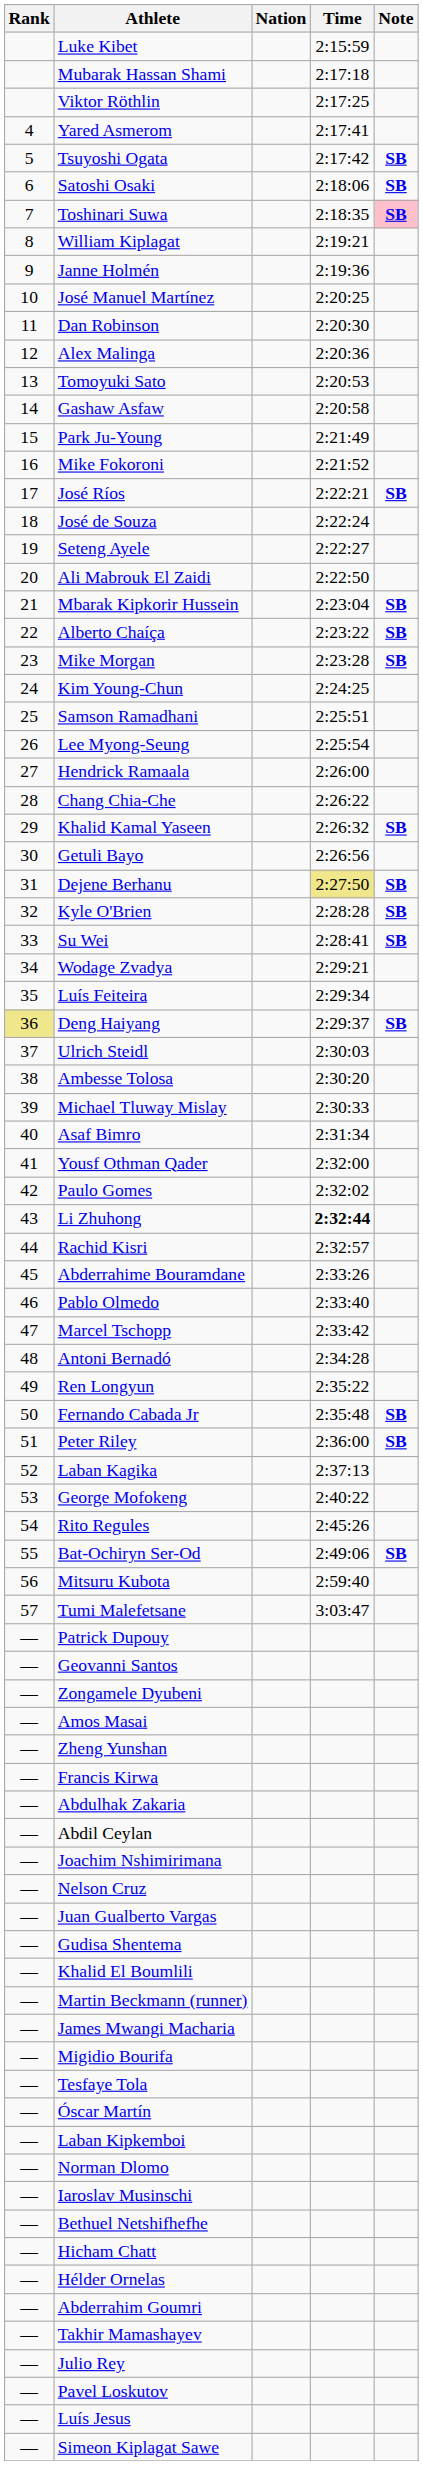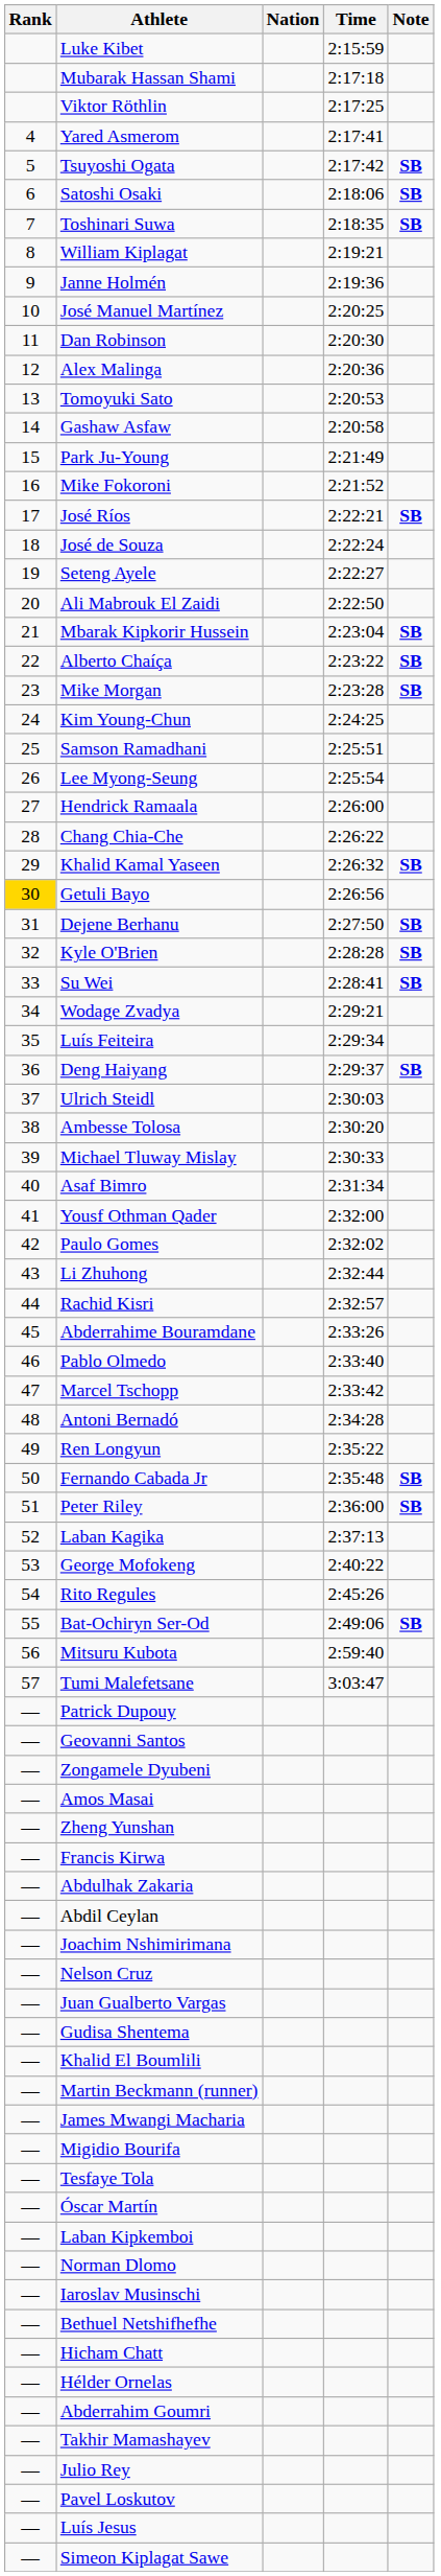 <table class="wikitable sortable" style=" text-align:center;">
 <tr>
 <th>Rank</th>
 <th>Athlete</th>
 <th>Nation</th>
 <th>Time</th>
 <th>Note</th>
 </tr>
 <tr>
 <td></td>
 <td align=left><a href='#'>Luke Kibet</a></td>
 <td align=left></td>
 <td>2:15:59</td>
 <td></td>
 </tr>
 <tr>
 <td></td>
 <td align=left><a href='#'>Mubarak Hassan Shami</a></td>
 <td align=left></td>
 <td>2:17:18</td>
 <td></td>
 </tr>
 <tr>
 <td></td>
 <td align=left><a href='#'>Viktor Röthlin</a></td>
 <td align=left></td>
 <td>2:17:25</td>
 <td></td>
 </tr>
 <tr>
 <td>4</td>
 <td align=left><a href='#'>Yared Asmerom</a></td>
 <td align=left></td>
 <td>2:17:41</td>
 <td></td>
 </tr>
 <tr>
 <td>5</td>
 <td align=left><a href='#'>Tsuyoshi Ogata</a></td>
 <td align=left></td>
 <td>2:17:42</td>
 <td><strong><a href='#'>SB</a></strong></td>
 </tr>
 <tr>
 <td>6</td>
 <td align=left><a href='#'>Satoshi Osaki</a></td>
 <td align=left></td>
 <td>2:18:06</td>
 <td><strong><a href='#'>SB</a></strong></td>
 </tr>
 <tr>
 <td>7</td>
 <td align=left><a href='#'>Toshinari Suwa</a></td>
 <td align=left></td>
 <td>2:18:35</td>
-<td style="background: pink;"><strong><a href='#'>SB</a></strong></td>
+<td><strong><a href='#'>SB</a></strong></td>
 </tr>
 <tr>
 <td>8</td>
 <td align=left><a href='#'>William Kiplagat</a></td>
 <td align=left></td>
 <td>2:19:21</td>
 <td></td>
 </tr>
 <tr>
 <td>9</td>
 <td align=left><a href='#'>Janne Holmén</a></td>
 <td align=left></td>
 <td>2:19:36</td>
 <td></td>
 </tr>
 <tr>
 <td>10</td>
 <td align=left><a href='#'>José Manuel Martínez</a></td>
 <td align=left></td>
 <td>2:20:25</td>
 <td></td>
 </tr>
 <tr>
 <td>11</td>
 <td align=left><a href='#'>Dan Robinson</a></td>
 <td align=left></td>
 <td>2:20:30</td>
 <td></td>
 </tr>
 <tr>
 <td>12</td>
 <td align=left><a href='#'>Alex Malinga</a></td>
 <td align=left></td>
 <td>2:20:36</td>
 <td></td>
 </tr>
 <tr>
 <td>13</td>
 <td align=left><a href='#'>Tomoyuki Sato</a></td>
 <td align=left></td>
 <td>2:20:53</td>
 <td></td>
 </tr>
 <tr>
 <td>14</td>
 <td align=left><a href='#'>Gashaw Asfaw</a></td>
 <td align=left></td>
 <td>2:20:58</td>
 <td></td>
 </tr>
 <tr>
 <td>15</td>
 <td align=left><a href='#'>Park Ju-Young</a></td>
 <td align=left></td>
 <td>2:21:49</td>
 <td></td>
 </tr>
 <tr>
 <td>16</td>
 <td align=left><a href='#'>Mike Fokoroni</a></td>
 <td align=left></td>
 <td>2:21:52</td>
 <td></td>
 </tr>
 <tr>
 <td>17</td>
 <td align=left><a href='#'>José Ríos</a></td>
 <td align=left></td>
 <td>2:22:21</td>
 <td><strong><a href='#'>SB</a></strong></td>
 </tr>
 <tr>
 <td>18</td>
 <td align=left><a href='#'>José de Souza</a></td>
 <td align=left></td>
 <td>2:22:24</td>
 <td></td>
 </tr>
 <tr>
 <td>19</td>
 <td align=left><a href='#'>Seteng Ayele</a></td>
 <td align=left></td>
 <td>2:22:27</td>
 <td></td>
 </tr>
 <tr>
 <td>20</td>
 <td align=left><a href='#'>Ali Mabrouk El Zaidi</a></td>
 <td align=left></td>
 <td>2:22:50</td>
 <td></td>
 </tr>
 <tr>
 <td>21</td>
 <td align=left><a href='#'>Mbarak Kipkorir Hussein</a></td>
 <td align=left></td>
 <td>2:23:04</td>
 <td><strong><a href='#'>SB</a></strong></td>
 </tr>
 <tr>
 <td>22</td>
 <td align=left><a href='#'>Alberto Chaíça</a></td>
 <td align=left></td>
 <td>2:23:22</td>
 <td><strong><a href='#'>SB</a></strong></td>
 </tr>
 <tr>
 <td>23</td>
 <td align=left><a href='#'>Mike Morgan</a></td>
 <td align=left></td>
 <td>2:23:28</td>
 <td><strong><a href='#'>SB</a></strong></td>
 </tr>
 <tr>
 <td>24</td>
 <td align=left><a href='#'>Kim Young-Chun</a></td>
 <td align=left></td>
 <td>2:24:25</td>
 <td></td>
 </tr>
 <tr>
 <td>25</td>
 <td align=left><a href='#'>Samson Ramadhani</a></td>
 <td align=left></td>
 <td>2:25:51</td>
 <td></td>
 </tr>
 <tr>
 <td>26</td>
 <td align=left><a href='#'>Lee Myong-Seung</a></td>
 <td align=left></td>
 <td>2:25:54</td>
 <td></td>
 </tr>
 <tr>
 <td>27</td>
 <td align=left><a href='#'>Hendrick Ramaala</a></td>
 <td align=left></td>
 <td>2:26:00</td>
 <td></td>
 </tr>
 <tr>
 <td>28</td>
 <td align=left><a href='#'>Chang Chia-Che</a></td>
 <td align=left></td>
 <td>2:26:22</td>
 <td></td>
 </tr>
 <tr>
 <td>29</td>
 <td align=left><a href='#'>Khalid Kamal Yaseen</a></td>
 <td align=left></td>
 <td>2:26:32</td>
 <td><strong><a href='#'>SB</a></strong></td>
 </tr>
 <tr>
-<td>30</td>
+<td style="background: gold;">30</td>
 <td align=left><a href='#'>Getuli Bayo</a></td>
 <td align=left></td>
 <td>2:26:56</td>
 <td></td>
 </tr>
 <tr>
 <td>31</td>
 <td align=left><a href='#'>Dejene Berhanu</a></td>
 <td align=left></td>
-<td style="background: khaki;">2:27:50</td>
+<td>2:27:50</td>
 <td><strong><a href='#'>SB</a></strong></td>
 </tr>
 <tr>
 <td>32</td>
 <td align=left><a href='#'>Kyle O'Brien</a></td>
 <td align=left></td>
 <td>2:28:28</td>
 <td><strong><a href='#'>SB</a></strong></td>
 </tr>
 <tr>
 <td>33</td>
 <td align=left><a href='#'>Su Wei</a></td>
 <td align=left></td>
 <td>2:28:41</td>
 <td><strong><a href='#'>SB</a></strong></td>
 </tr>
 <tr>
 <td>34</td>
 <td align=left><a href='#'>Wodage Zvadya</a></td>
 <td align=left></td>
 <td>2:29:21</td>
 <td></td>
 </tr>
 <tr>
 <td>35</td>
 <td align=left><a href='#'>Luís Feiteira</a></td>
 <td align=left></td>
 <td>2:29:34</td>
 <td></td>
 </tr>
 <tr>
-<td style="background: khaki;">36</td>
+<td>36</td>
 <td align=left><a href='#'>Deng Haiyang</a></td>
 <td align=left></td>
 <td>2:29:37</td>
 <td><strong><a href='#'>SB</a></strong></td>
 </tr>
 <tr>
 <td>37</td>
 <td align=left><a href='#'>Ulrich Steidl</a></td>
 <td align=left></td>
 <td>2:30:03</td>
 <td></td>
 </tr>
 <tr>
 <td>38</td>
 <td align=left><a href='#'>Ambesse Tolosa</a></td>
 <td align=left></td>
 <td>2:30:20</td>
 <td></td>
 </tr>
 <tr>
 <td>39</td>
 <td align=left><a href='#'>Michael Tluway Mislay</a></td>
 <td align=left></td>
 <td>2:30:33</td>
 <td></td>
 </tr>
 <tr>
 <td>40</td>
 <td align=left><a href='#'>Asaf Bimro</a></td>
 <td align=left></td>
 <td>2:31:34</td>
 <td></td>
 </tr>
 <tr>
 <td>41</td>
 <td align=left><a href='#'>Yousf Othman Qader</a></td>
 <td align=left></td>
 <td>2:32:00</td>
 <td></td>
 </tr>
 <tr>
 <td>42</td>
 <td align=left><a href='#'>Paulo Gomes</a></td>
 <td align=left></td>
 <td>2:32:02</td>
 <td></td>
 </tr>
 <tr>
 <td>43</td>
 <td align=left><a href='#'>Li Zhuhong</a></td>
 <td align=left></td>
-<td><strong>2:32:44</strong></td>
+<td>2:32:44</td>
 <td></td>
 </tr>
 <tr>
 <td>44</td>
 <td align=left><a href='#'>Rachid Kisri</a></td>
 <td align=left></td>
 <td>2:32:57</td>
 <td></td>
 </tr>
 <tr>
 <td>45</td>
 <td align=left><a href='#'>Abderrahime Bouramdane</a></td>
 <td align=left></td>
 <td>2:33:26</td>
 <td></td>
 </tr>
 <tr>
 <td>46</td>
 <td align=left><a href='#'>Pablo Olmedo</a></td>
 <td align=left></td>
 <td>2:33:40</td>
 <td></td>
 </tr>
 <tr>
 <td>47</td>
 <td align=left><a href='#'>Marcel Tschopp</a></td>
 <td align=left></td>
 <td>2:33:42</td>
 <td></td>
 </tr>
 <tr>
 <td>48</td>
 <td align=left><a href='#'>Antoni Bernadó</a></td>
 <td align=left></td>
 <td>2:34:28</td>
 <td></td>
 </tr>
 <tr>
 <td>49</td>
 <td align=left><a href='#'>Ren Longyun</a></td>
 <td align=left></td>
 <td>2:35:22</td>
 <td></td>
 </tr>
 <tr>
 <td>50</td>
 <td align=left><a href='#'>Fernando Cabada Jr</a></td>
 <td align=left></td>
 <td>2:35:48</td>
 <td><strong><a href='#'>SB</a></strong></td>
 </tr>
 <tr>
 <td>51</td>
 <td align=left><a href='#'>Peter Riley</a></td>
 <td align=left></td>
 <td>2:36:00</td>
 <td><strong><a href='#'>SB</a></strong></td>
 </tr>
 <tr>
 <td>52</td>
 <td align=left><a href='#'>Laban Kagika</a></td>
 <td align=left></td>
 <td>2:37:13</td>
 <td></td>
 </tr>
 <tr>
 <td>53</td>
 <td align=left><a href='#'>George Mofokeng</a></td>
 <td align=left></td>
 <td>2:40:22</td>
 <td></td>
 </tr>
 <tr>
 <td>54</td>
 <td align=left><a href='#'>Rito Regules</a></td>
 <td align=left></td>
 <td>2:45:26</td>
 <td></td>
 </tr>
 <tr>
 <td>55</td>
 <td align=left><a href='#'>Bat-Ochiryn Ser-Od</a></td>
 <td align=left></td>
 <td>2:49:06</td>
 <td><strong><a href='#'>SB</a></strong></td>
 </tr>
 <tr>
 <td>56</td>
 <td align=left><a href='#'>Mitsuru Kubota</a></td>
 <td align=left></td>
 <td>2:59:40</td>
 <td></td>
 </tr>
 <tr>
 <td>57</td>
 <td align=left><a href='#'>Tumi Malefetsane</a></td>
 <td align=left></td>
 <td>3:03:47</td>
 <td></td>
 </tr>
 <tr>
 <td>—</td>
 <td align=left><a href='#'>Patrick Dupouy</a></td>
 <td align=left></td>
 <td></td>
 <td></td>
 </tr>
 <tr>
 <td>—</td>
 <td align=left><a href='#'>Geovanni Santos</a></td>
 <td align=left></td>
 <td></td>
 <td></td>
 </tr>
 <tr>
 <td>—</td>
 <td align=left><a href='#'>Zongamele Dyubeni</a></td>
 <td align=left></td>
 <td></td>
 <td></td>
 </tr>
 <tr>
 <td>—</td>
 <td align=left><a href='#'>Amos Masai</a></td>
 <td align=left></td>
 <td></td>
 <td></td>
 </tr>
 <tr>
 <td>—</td>
 <td align=left><a href='#'>Zheng Yunshan</a></td>
 <td align=left></td>
 <td></td>
 <td></td>
 </tr>
 <tr>
 <td>—</td>
 <td align=left><a href='#'>Francis Kirwa</a></td>
 <td align=left></td>
 <td></td>
 <td></td>
 </tr>
 <tr>
 <td>—</td>
 <td align=left><a href='#'>Abdulhak Zakaria</a></td>
 <td align=left></td>
 <td></td>
 <td></td>
 </tr>
 <tr>
 <td>—</td>
 <td align=left>Abdil Ceylan</td>
 <td align=left></td>
 <td></td>
 <td></td>
 </tr>
 <tr>
 <td>—</td>
 <td align=left><a href='#'>Joachim Nshimirimana</a></td>
 <td align=left></td>
 <td></td>
 <td></td>
 </tr>
 <tr>
 <td>—</td>
 <td align=left><a href='#'>Nelson Cruz</a></td>
 <td align=left></td>
 <td></td>
 <td></td>
 </tr>
 <tr>
 <td>—</td>
 <td align=left><a href='#'>Juan Gualberto Vargas</a></td>
 <td align=left></td>
 <td></td>
 <td></td>
 </tr>
 <tr>
 <td>—</td>
 <td align=left><a href='#'>Gudisa Shentema</a></td>
 <td align=left></td>
 <td></td>
 <td></td>
 </tr>
 <tr>
 <td>—</td>
 <td align=left><a href='#'>Khalid El Boumlili</a></td>
 <td align=left></td>
 <td></td>
 <td></td>
 </tr>
 <tr>
 <td>—</td>
 <td align=left><a href='#'>Martin Beckmann (runner)</a></td>
 <td align=left></td>
 <td></td>
 <td></td>
 </tr>
 <tr>
 <td>—</td>
 <td align=left><a href='#'>James Mwangi Macharia</a></td>
 <td align=left></td>
 <td></td>
 <td></td>
 </tr>
 <tr>
 <td>—</td>
 <td align=left><a href='#'>Migidio Bourifa</a></td>
 <td align=left></td>
 <td></td>
 <td></td>
 </tr>
 <tr>
 <td>—</td>
 <td align=left><a href='#'>Tesfaye Tola</a></td>
 <td align=left></td>
 <td></td>
 <td></td>
 </tr>
 <tr>
 <td>—</td>
 <td align=left><a href='#'>Óscar Martín</a></td>
 <td align=left></td>
 <td></td>
 <td></td>
 </tr>
 <tr>
 <td>—</td>
 <td align=left><a href='#'>Laban Kipkemboi</a></td>
 <td align=left></td>
 <td></td>
 <td></td>
 </tr>
 <tr>
 <td>—</td>
 <td align=left><a href='#'>Norman Dlomo</a></td>
 <td align=left></td>
 <td></td>
 <td></td>
 </tr>
 <tr>
 <td>—</td>
 <td align=left><a href='#'>Iaroslav Musinschi</a></td>
 <td align=left></td>
 <td></td>
 <td></td>
 </tr>
 <tr>
 <td>—</td>
 <td align=left><a href='#'>Bethuel Netshifhefhe</a></td>
 <td align=left></td>
 <td></td>
 <td></td>
 </tr>
 <tr>
 <td>—</td>
 <td align=left><a href='#'>Hicham Chatt</a></td>
 <td align=left></td>
 <td></td>
 <td></td>
 </tr>
 <tr>
 <td>—</td>
 <td align=left><a href='#'>Hélder Ornelas</a></td>
 <td align=left></td>
 <td></td>
 <td></td>
 </tr>
 <tr>
 <td>—</td>
 <td align=left><a href='#'>Abderrahim Goumri</a></td>
 <td align=left></td>
 <td></td>
 <td></td>
 </tr>
 <tr>
 <td>—</td>
 <td align=left><a href='#'>Takhir Mamashayev</a></td>
 <td align=left></td>
 <td></td>
 <td></td>
 </tr>
 <tr>
 <td>—</td>
 <td align=left><a href='#'>Julio Rey</a></td>
 <td align=left></td>
 <td></td>
 <td></td>
 </tr>
 <tr>
 <td>—</td>
 <td align=left><a href='#'>Pavel Loskutov</a></td>
 <td align=left></td>
 <td></td>
 <td></td>
 </tr>
 <tr>
 <td>—</td>
 <td align=left><a href='#'>Luís Jesus</a></td>
 <td align=left></td>
 <td></td>
 <td></td>
 </tr>
 <tr>
 <td>—</td>
 <td align=left><a href='#'>Simeon Kiplagat Sawe</a></td>
 <td align=left></td>
 <td></td>
 <td></td>
 </tr>
 </table>
